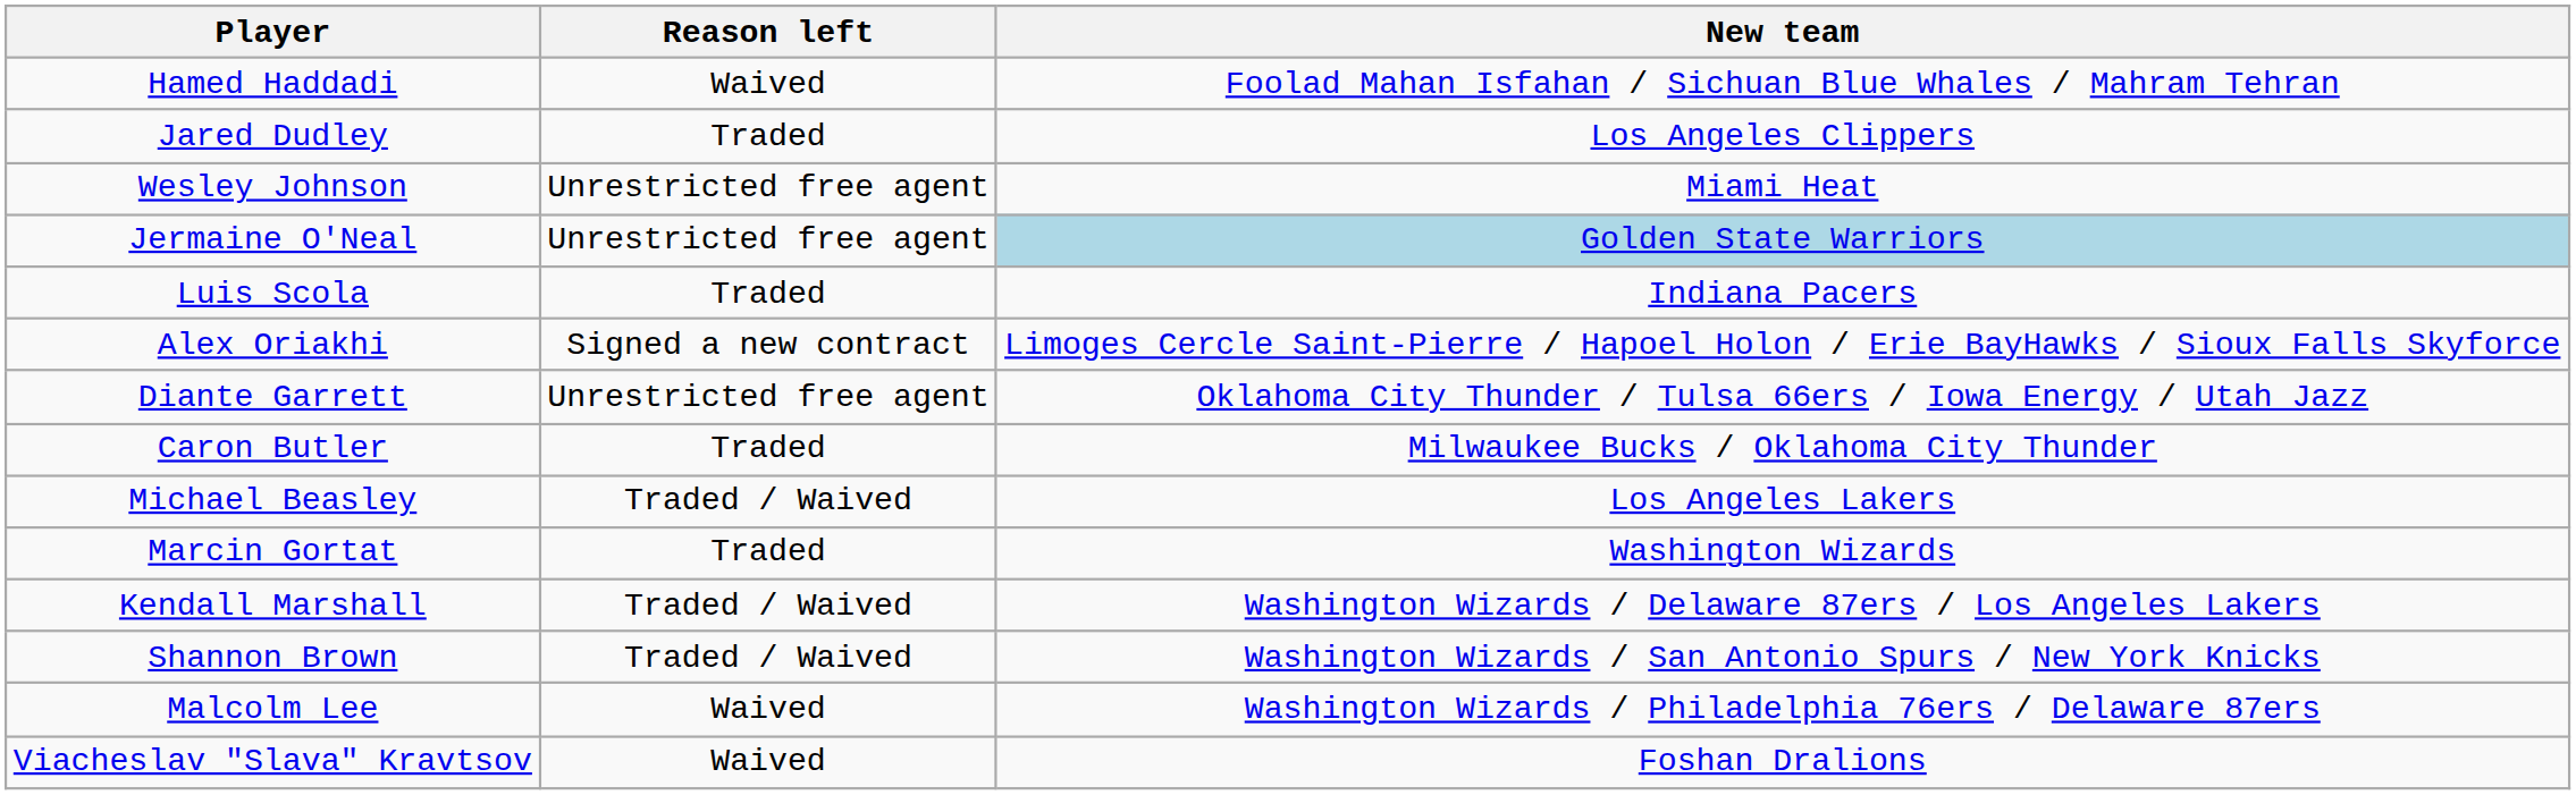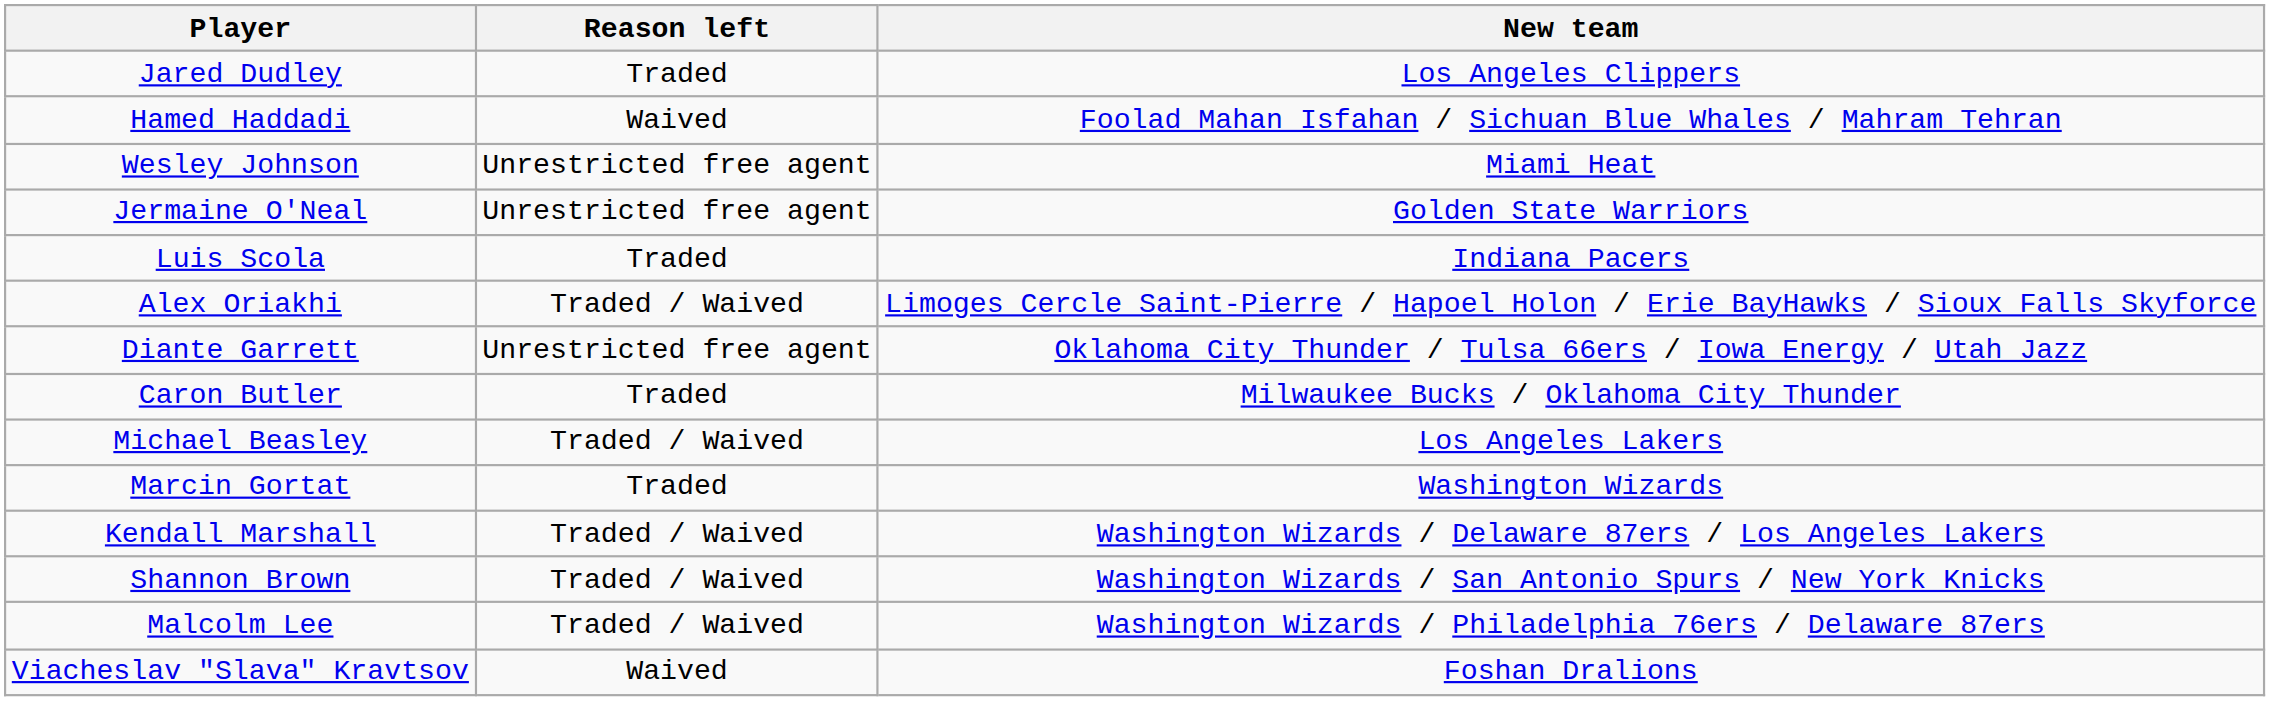 <table class="wikitable sortable sortable">
 <tr>
 <th>Player</th>
 <th>Reason left</th>
 <th>New team</th>
 </tr>
 <tr style="text-align: center">
+<td><a href='#'>Jared Dudley</a></td>
+<td>Traded</td>
+<td><a href='#'>Los Angeles Clippers</a></td>
+</tr>
+<tr style="text-align: center">
 <td><a href='#'>Hamed Haddadi</a></td>
 <td>Waived</td>
 <td> <a href='#'>Foolad Mahan Isfahan</a> /  <a href='#'>Sichuan Blue Whales</a> /  <a href='#'>Mahram Tehran</a></td>
-</tr>
-<tr style="text-align: center">
-<td><a href='#'>Jared Dudley</a></td>
-<td>Traded</td>
-<td><a href='#'>Los Angeles Clippers</a></td>
 </tr>
 <tr style="text-align: center">
 <td><a href='#'>Wesley Johnson</a></td>
 <td>Unrestricted free agent</td>
 <td><a href='#'><span>Miami Heat</span></a></td>
 </tr>
 <tr style="text-align: center">
 <td><a href='#'>Jermaine O'Neal</a></td>
 <td>Unrestricted free agent</td>
-<td style="background: lightblue;"><a href='#'>Golden State Warriors</a></td>
+<td><a href='#'>Golden State Warriors</a></td>
 </tr>
 <tr style="text-align: center">
 <td><a href='#'>Luis Scola</a></td>
 <td>Traded</td>
 <td><a href='#'>Indiana Pacers</a></td>
 </tr>
 <tr style="text-align: center">
 <td><a href='#'>Alex Oriakhi</a></td>
-<td>Signed a new contract</td>
+<td>Traded / Waived</td>
 <td> <a href='#'>Limoges Cercle Saint-Pierre</a> /  <a href='#'>Hapoel Holon</a> / <a href='#'>Erie BayHawks</a> / <a href='#'>Sioux Falls Skyforce</a></td>
 </tr>
 <tr style="text-align: center">
 <td><a href='#'>Diante Garrett</a></td>
 <td>Unrestricted free agent</td>
 <td><a href='#'>Oklahoma City Thunder</a> / <a href='#'>Tulsa 66ers</a> / <a href='#'>Iowa Energy</a> / <a href='#'>Utah Jazz</a></td>
 </tr>
 <tr style="text-align: center">
 <td><a href='#'>Caron Butler</a></td>
 <td>Traded</td>
 <td><a href='#'>Milwaukee Bucks</a> / <a href='#'>Oklahoma City Thunder</a></td>
 </tr>
 <tr style="text-align: center">
 <td><a href='#'>Michael Beasley</a></td>
 <td>Traded / Waived</td>
 <td><a href='#'>Los Angeles Lakers</a></td>
 </tr>
 <tr style="text-align: center">
 <td><a href='#'>Marcin Gortat</a></td>
 <td>Traded</td>
 <td><a href='#'>Washington Wizards</a></td>
 </tr>
 <tr style="text-align: center">
 <td><a href='#'>Kendall Marshall</a></td>
 <td>Traded / Waived</td>
 <td><a href='#'>Washington Wizards</a> / <a href='#'>Delaware 87ers</a> / <a href='#'>Los Angeles Lakers</a></td>
 </tr>
 <tr style="text-align: center">
 <td><a href='#'>Shannon Brown</a></td>
 <td>Traded / Waived</td>
 <td><a href='#'>Washington Wizards</a> / <a href='#'><span>San Antonio Spurs</span></a> / <a href='#'>New York Knicks</a></td>
 </tr>
 <tr style="text-align: center">
 <td><a href='#'>Malcolm Lee</a></td>
-<td>Waived</td>
+<td>Traded / Waived</td>
 <td><a href='#'>Washington Wizards</a> / <a href='#'>Philadelphia 76ers</a> / <a href='#'>Delaware 87ers</a></td>
 </tr>
 <tr style="text-align: center">
 <td><a href='#'>Viacheslav "Slava" Kravtsov</a></td>
 <td>Waived</td>
 <td> <a href='#'>Foshan Dralions</a></td>
 </tr>
 </table>
